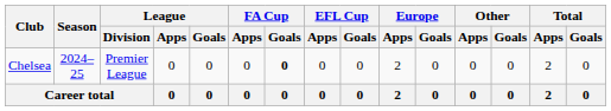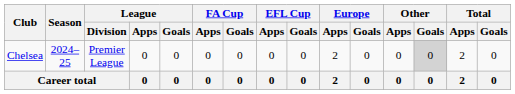 <table class="wikitable" style="text-align: center;">
 <tr>
 <th rowspan=2>Club</th>
 <th rowspan=2>Season</th>
 <th colspan=3>League</th>
 <th colspan=2><a href='#'>FA Cup</a></th>
 <th colspan=2><a href='#'>EFL Cup</a></th>
 <th colspan=2><a href='#'>Europe</a></th>
 <th colspan=2>Other</th>
 <th colspan=2>Total</th>
 </tr>
 <tr>
 <th>Division</th>
 <th>Apps</th>
 <th>Goals</th>
 <th>Apps</th>
 <th>Goals</th>
 <th>Apps</th>
 <th>Goals</th>
 <th>Apps</th>
 <th>Goals</th>
 <th>Apps</th>
 <th>Goals</th>
 <th>Apps</th>
 <th>Goals</th>
 </tr>
 <tr>
 <td><a href='#'>Chelsea</a></td>
 <td><a href='#'>2024–25</a></td>
 <td><a href='#'>Premier League</a></td>
 <td>0</td>
 <td>0</td>
 <td>0</td>
-<td><strong>0</strong></td>
+<td>0</td>
 <td>0</td>
 <td>0</td>
 <td>2</td>
 <td>0</td>
 <td>0</td>
-<td>0</td>
+<td style="background: lightgrey;">0</td>
 <td>2</td>
 <td>0</td>
 </tr>
 <tr>
 <th colspan=3>Career total</th>
 <th>0</th>
 <th>0</th>
 <th>0</th>
 <th>0</th>
 <th>0</th>
 <th>0</th>
 <th>2</th>
 <th>0</th>
 <th>0</th>
 <th>0</th>
 <th>2</th>
 <th>0</th>
 </tr>
 </table>
